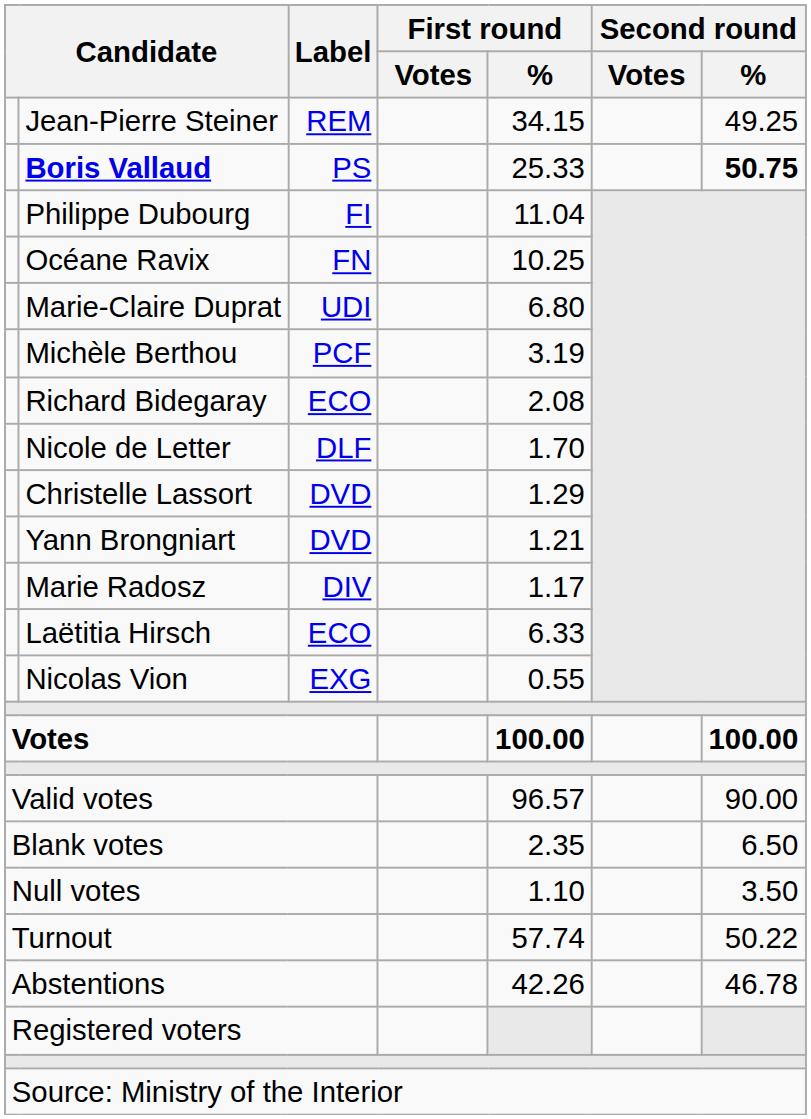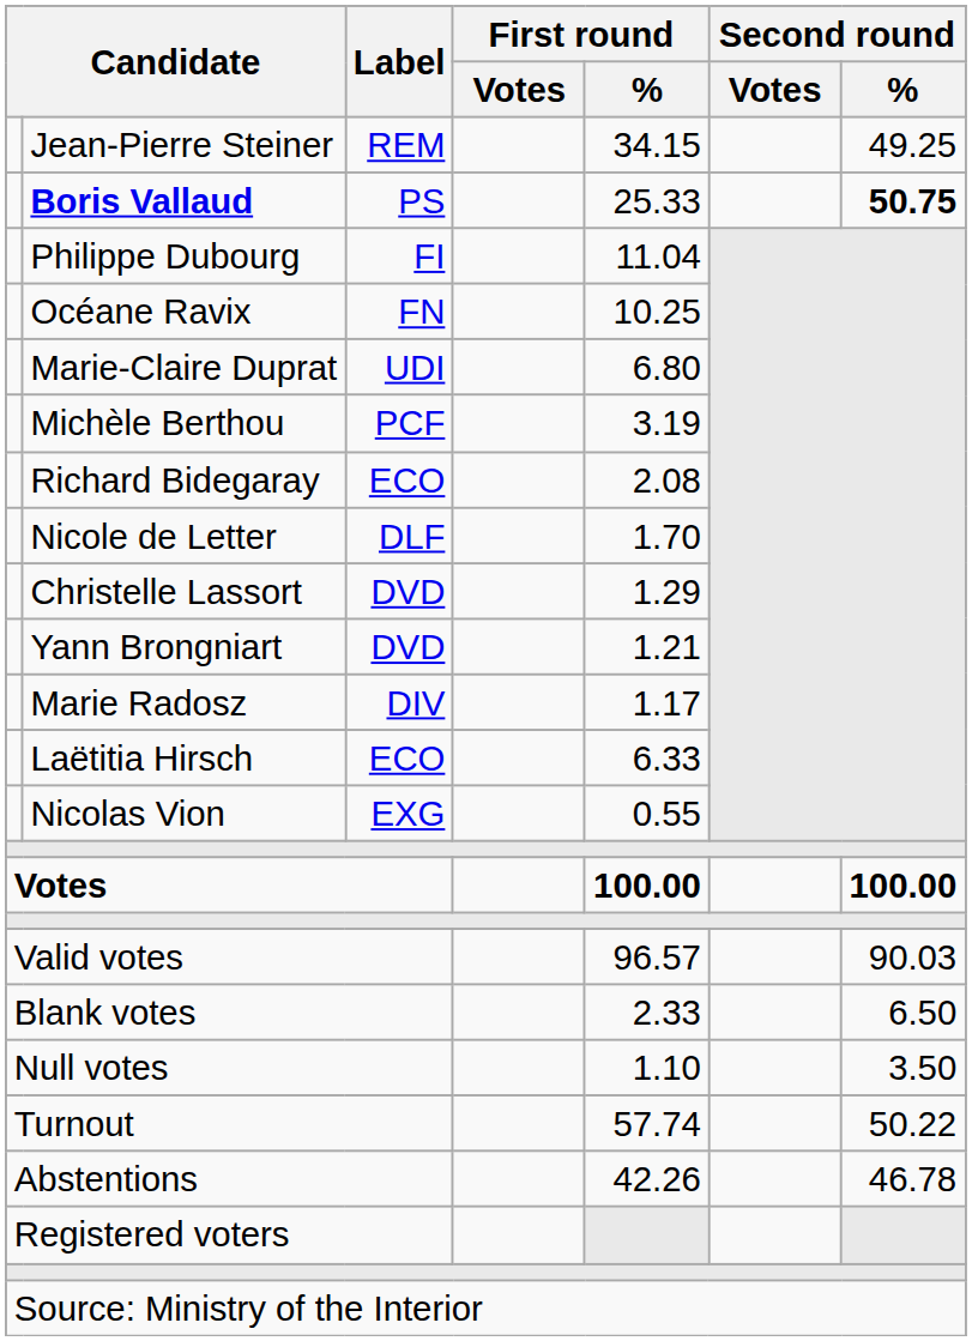 <table class="wikitable" style="text-align:right;font-size:95%;">
 <tr>
 <th rowspan="2" colspan="2">Candidate</th>
 <th rowspan="2">Label</th>
 <th colspan="2">First round</th>
 <th colspan="2">Second round</th>
 </tr>
 <tr>
 <th style="width:50px;">Votes</th>
 <th style="width:45px;">%</th>
 <th style="width:50px;">Votes</th>
 <th style="width:45px;">%</th>
 </tr>
 <tr>
 <td style="color:inherit;background:"></td>
 <td style="text-align:left;">Jean-Pierre Steiner</td>
 <td><a href='#'>REM</a></td>
 <td></td>
 <td>34.15</td>
 <td></td>
 <td>49.25</td>
 </tr>
 <tr>
 <td style="color:inherit;background:"></td>
 <td style="text-align:left;"><strong><a href='#'>Boris Vallaud</a></strong></td>
 <td><a href='#'>PS</a></td>
 <td></td>
 <td>25.33</td>
 <td><strong></strong></td>
 <td><strong>50.75</strong></td>
 </tr>
 <tr>
 <td style="color:inherit;background:"></td>
 <td style="text-align:left;">Philippe Dubourg</td>
 <td><a href='#'>FI</a></td>
 <td></td>
 <td>11.04</td>
 <td colspan="2" rowspan="11" style="background:#E9E9E9;"></td>
 </tr>
 <tr>
 <td style="color:inherit;background:"></td>
 <td style="text-align:left;">Océane Ravix</td>
 <td><a href='#'>FN</a></td>
 <td></td>
 <td>10.25</td>
 </tr>
 <tr>
 <td style="color:inherit;background:"></td>
 <td style="text-align:left;">Marie-Claire Duprat</td>
 <td><a href='#'>UDI</a></td>
 <td></td>
 <td>6.80</td>
 </tr>
 <tr>
 <td style="color:inherit;background:"></td>
 <td style="text-align:left;">Michèle Berthou</td>
 <td><a href='#'>PCF</a></td>
 <td></td>
 <td>3.19</td>
 </tr>
 <tr>
 <td style="color:inherit;background:"></td>
 <td style="text-align:left;">Richard Bidegaray</td>
 <td><a href='#'>ECO</a></td>
 <td></td>
 <td>2.08</td>
 </tr>
 <tr>
 <td style="color:inherit;background:"></td>
 <td style="text-align:left;">Nicole de Letter</td>
 <td><a href='#'>DLF</a></td>
 <td></td>
 <td>1.70</td>
 </tr>
 <tr>
 <td style="color:inherit;background:"></td>
 <td style="text-align:left;">Christelle Lassort</td>
 <td><a href='#'>DVD</a></td>
 <td></td>
 <td>1.29</td>
 </tr>
 <tr>
 <td style="color:inherit;background:"></td>
 <td style="text-align:left;">Yann Brongniart</td>
 <td><a href='#'>DVD</a></td>
 <td></td>
 <td>1.21</td>
 </tr>
 <tr>
 <td style="color:inherit;background:"></td>
 <td style="text-align:left;">Marie Radosz</td>
 <td><a href='#'>DIV</a></td>
 <td></td>
 <td>1.17</td>
 </tr>
 <tr>
 <td style="color:inherit;background:"></td>
 <td style="text-align:left;">Laëtitia Hirsch</td>
 <td><a href='#'>ECO</a></td>
 <td></td>
 <td>6.33</td>
 </tr>
 <tr>
 <td style="color:inherit;background:"></td>
 <td style="text-align:left;">Nicolas Vion</td>
 <td><a href='#'>EXG</a></td>
 <td></td>
 <td>0.55</td>
 </tr>
 <tr>
 <td colspan="7" style="background:#E9E9E9;"></td>
 </tr>
 <tr style="font-weight:bold;">
 <td colspan="3" style="text-align:left;">Votes</td>
 <td></td>
 <td>100.00</td>
 <td></td>
 <td>100.00</td>
 </tr>
 <tr>
 <td colspan="7" style="background:#E9E9E9;"></td>
 </tr>
 <tr>
 <td colspan="3" style="text-align:left;">Valid votes</td>
 <td></td>
 <td>96.57</td>
 <td></td>
-<td>90.00</td>
+<td>90.03</td>
 </tr>
 <tr>
 <td colspan="3" style="text-align:left;">Blank votes</td>
 <td></td>
-<td>2.35</td>
+<td>2.33</td>
 <td></td>
 <td>6.50</td>
 </tr>
 <tr>
 <td colspan="3" style="text-align:left;">Null votes</td>
 <td></td>
 <td>1.10</td>
 <td></td>
 <td>3.50</td>
 </tr>
 <tr>
 <td colspan="3" style="text-align:left;">Turnout</td>
 <td></td>
 <td>57.74</td>
 <td></td>
 <td>50.22</td>
 </tr>
 <tr>
 <td colspan="3" style="text-align:left;">Abstentions</td>
 <td></td>
 <td>42.26</td>
 <td></td>
 <td>46.78</td>
 </tr>
 <tr>
 <td colspan="3" style="text-align:left;">Registered voters</td>
 <td></td>
 <td style="color:inherit;background:#E9E9E9;"></td>
 <td></td>
 <td style="color:inherit;background:#E9E9E9;"></td>
 </tr>
 <tr>
 <td colspan="7" style="background:#E9E9E9;"></td>
 </tr>
 <tr>
 <td colspan="7" style="text-align:left;">Source: Ministry of the Interior</td>
 </tr>
 </table>
